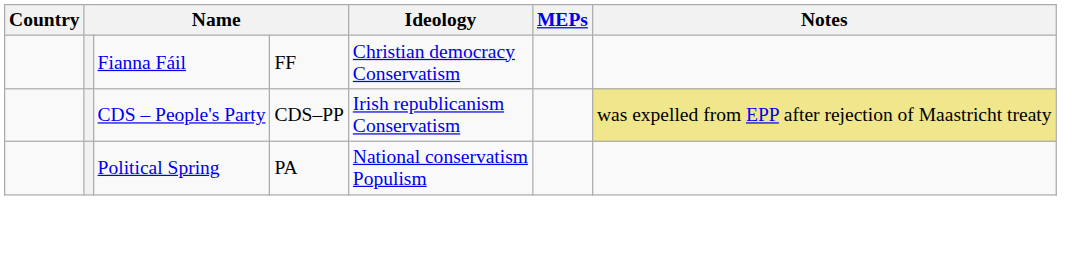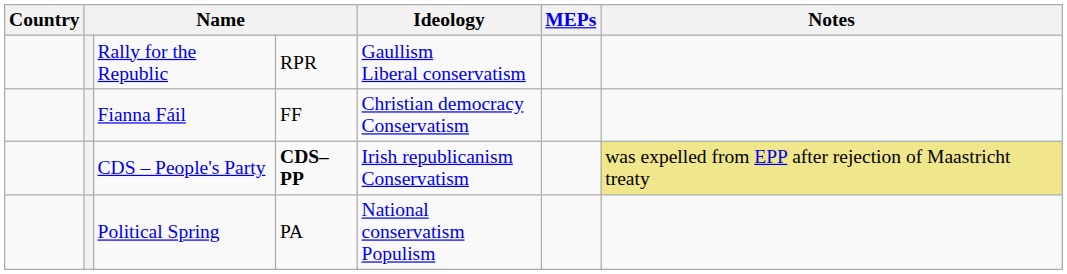 <table class="wikitable">
 <tr>
 <th>Country</th>
 <th colspan="3">Name</th>
 <th>Ideology</th>
 <th><a href='#'>MEPs</a></th>
 <th>Notes</th>
+</tr>
+<tr>
+<td></td>
+<th style="background:"></th>
+<td><a href='#'>Rally for the Republic</a></td>
+<td>RPR</td>
+<td><a href='#'>Gaullism</a><br><a href='#'>Liberal conservatism</a></td>
+<td></td>
+<td></td>
 </tr>
 <tr>
 <td></td>
 <th style="background:"></th>
 <td><a href='#'>Fianna Fáil</a></td>
 <td>FF</td>
 <td><a href='#'>Christian democracy</a><br><a href='#'>Conservatism</a></td>
 <td></td>
 <td></td>
 </tr>
 <tr>
 <td></td>
 <th style="background:"></th>
 <td><a href='#'>CDS – People's Party</a></td>
-<td>CDS–PP</td>
+<td><strong>CDS–PP</strong></td>
 <td><a href='#'>Irish republicanism</a><br><a href='#'>Conservatism</a></td>
 <td></td>
 <td style="background: khaki;">was expelled from <a href='#'>EPP</a> after rejection of Maastricht treaty</td>
 </tr>
 <tr>
 <td></td>
 <th style="background:"></th>
 <td><a href='#'>Political Spring</a></td>
 <td>PA</td>
 <td><a href='#'>National conservatism</a><br><a href='#'>Populism</a></td>
 <td></td>
 <td></td>
 </tr>
 </table>
